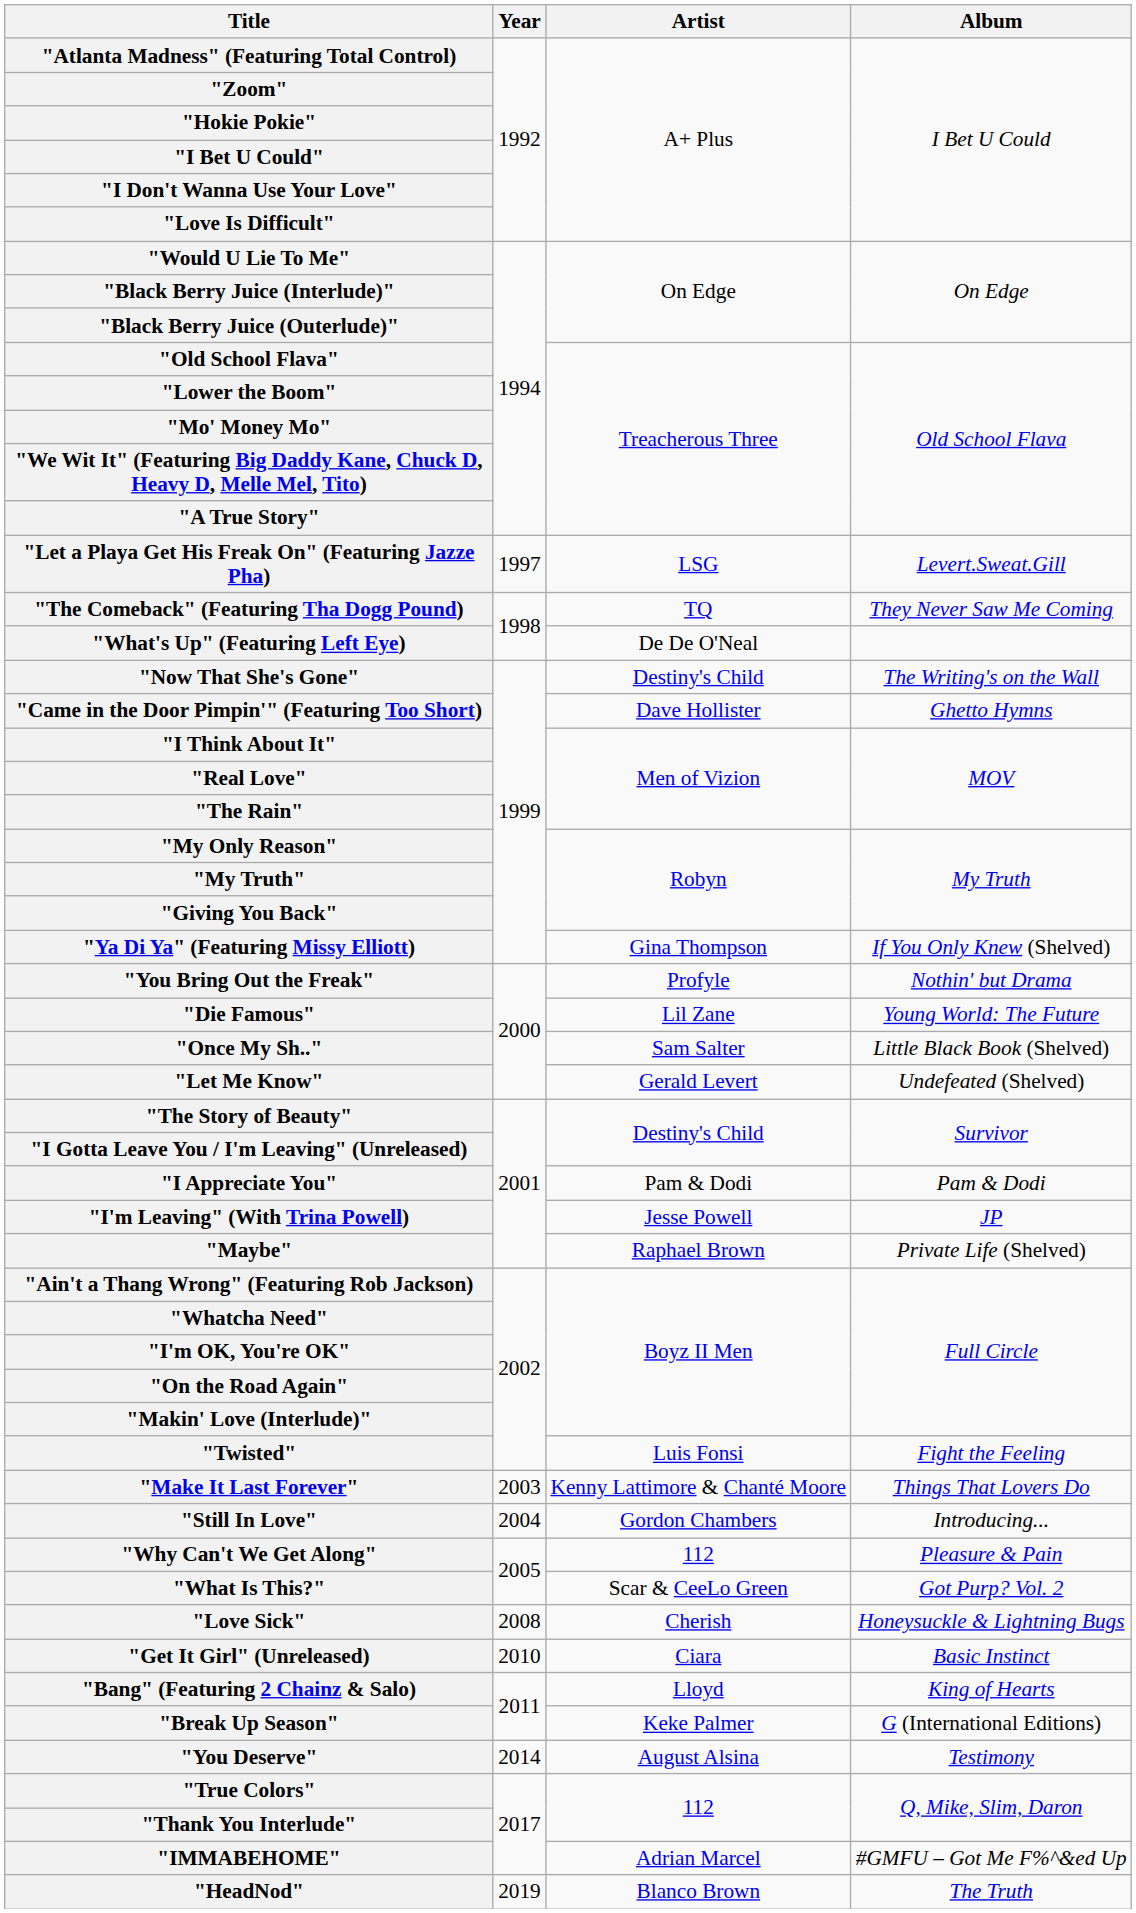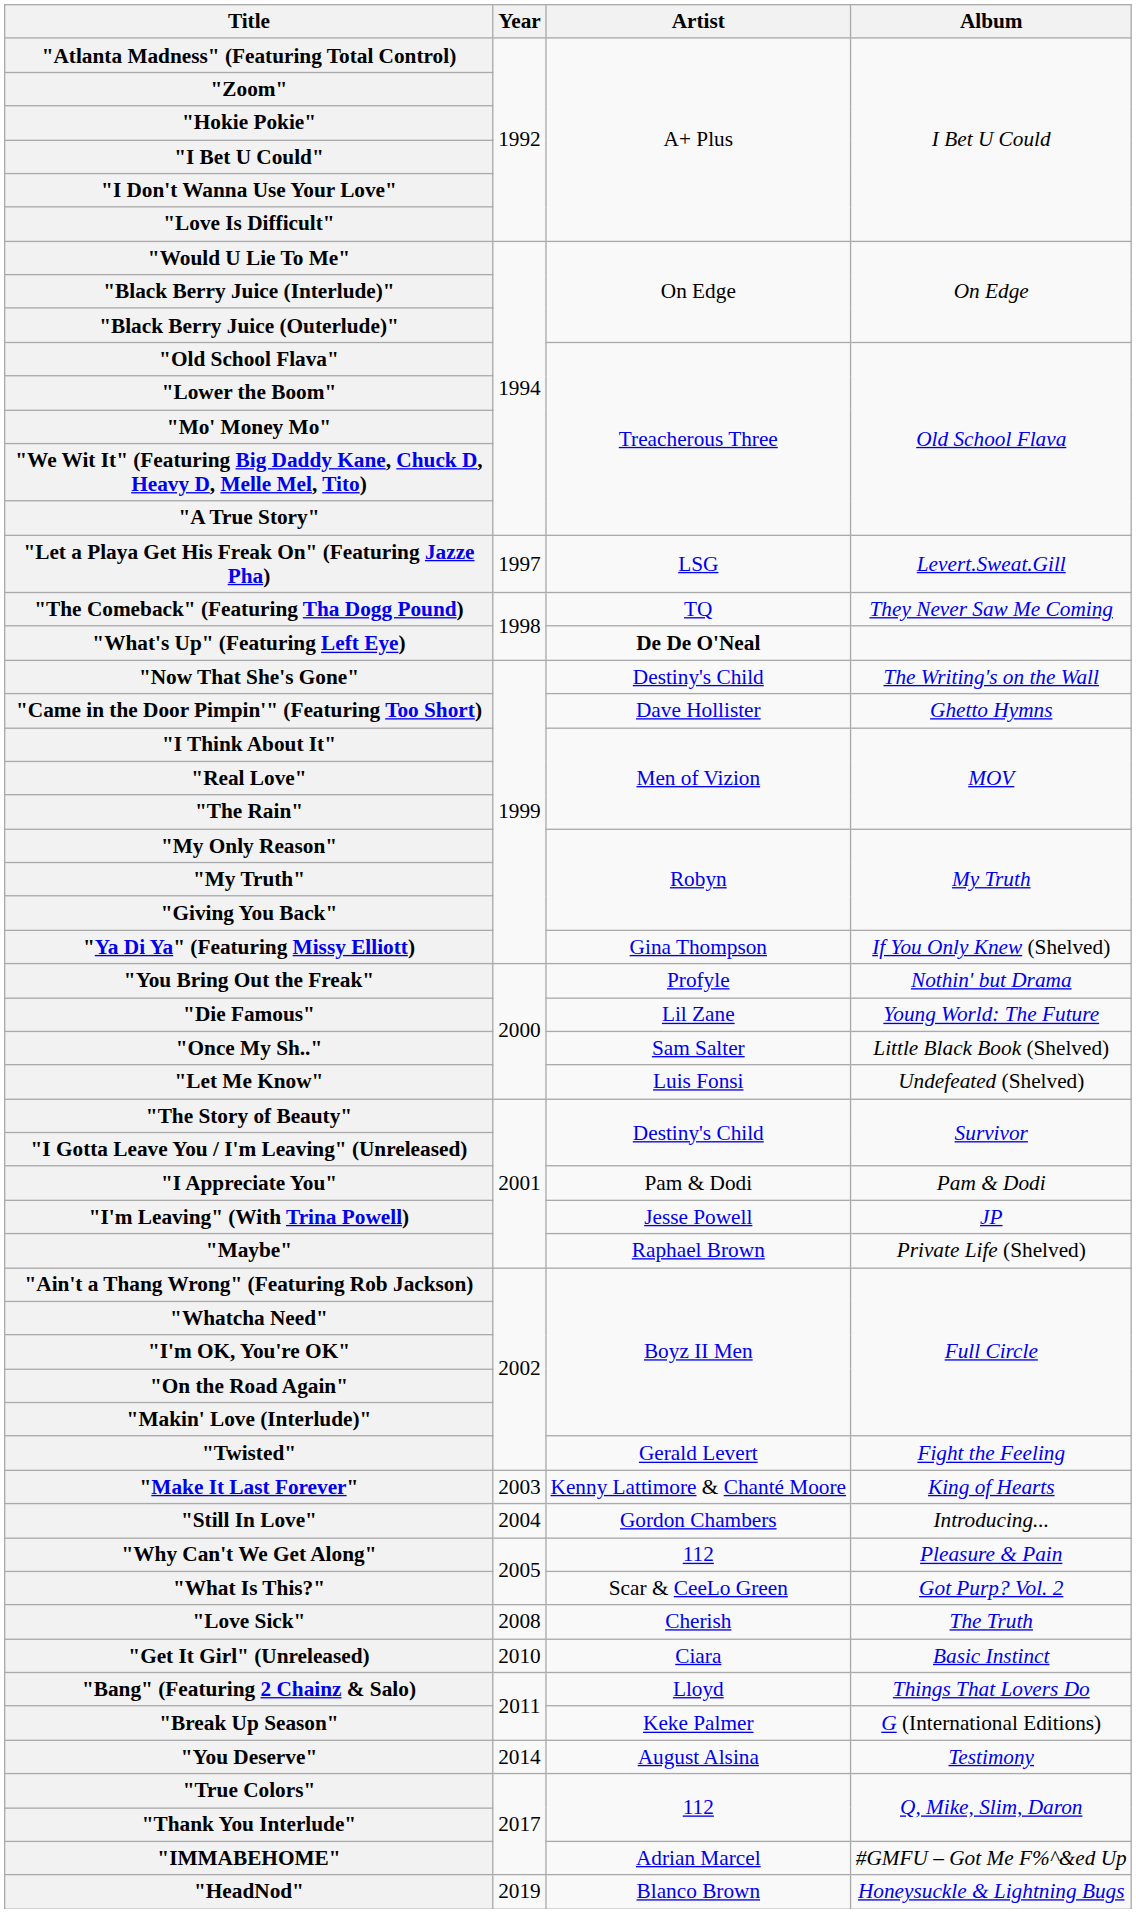 <table class="wikitable plainrowheaders" style="text-align:center;">
 <tr>
 <th scope="col" style="width:22.5em;">Title</th>
 <th scope="col">Year</th>
 <th scope="col">Artist</th>
 <th scope="col">Album</th>
 </tr>
 <tr>
 <th scope="row">"Atlanta Madness" (Featuring Total Control) </th>
 <td rowspan="6">1992</td>
 <td rowspan="6">A+ Plus</td>
 <td rowspan="6"><em>I Bet U Could</em></td>
 </tr>
 <tr>
 <th scope="row">"Zoom"</th>
 </tr>
 <tr>
 <th scope="row">"Hokie Pokie"</th>
 </tr>
 <tr>
 <th scope="row">"I Bet U Could"</th>
 </tr>
 <tr>
 <th scope="row">"I Don't Wanna Use Your Love"</th>
 </tr>
 <tr>
 <th scope="row">"Love Is Difficult"</th>
 </tr>
 <tr>
 <th scope="row">"Would U Lie To Me"</th>
 <td rowspan="8">1994</td>
 <td rowspan="3">On Edge</td>
 <td rowspan="3"><em>On Edge</em></td>
 </tr>
 <tr>
 <th scope="row">"Black Berry Juice (Interlude)"</th>
 </tr>
 <tr>
 <th scope="row">"Black Berry Juice (Outerlude)"</th>
 </tr>
 <tr>
 <th scope="row">"Old School Flava"</th>
 <td rowspan="5"><a href='#'>Treacherous Three</a></td>
 <td rowspan="5"><em><a href='#'>Old School Flava</a></em></td>
 </tr>
 <tr>
 <th scope="row">"Lower the Boom"</th>
 </tr>
 <tr>
 <th scope="row">"Mo' Money Mo"</th>
 </tr>
 <tr>
 <th scope="row">"We Wit It" (Featuring <a href='#'>Big Daddy Kane</a>, <a href='#'>Chuck D</a>, <a href='#'>Heavy D</a>, <a href='#'>Melle Mel</a>, <a href='#'>Tito</a>)</th>
 </tr>
 <tr>
 <th scope="row">"A True Story"</th>
 </tr>
 <tr>
 <th scope="row">"Let a Playa Get His Freak On" (Featuring <a href='#'>Jazze Pha</a>)</th>
 <td>1997</td>
 <td><a href='#'>LSG</a></td>
 <td><em><a href='#'>Levert.Sweat.Gill</a></em></td>
 </tr>
 <tr>
 <th scope="row">"The Comeback" (Featuring <a href='#'>Tha Dogg Pound</a>)</th>
 <td rowspan="2">1998</td>
 <td><a href='#'>TQ</a></td>
 <td><em><a href='#'>They Never Saw Me Coming</a></em></td>
 </tr>
 <tr>
 <th scope="row">"What's Up" (Featuring <a href='#'>Left Eye</a>)</th>
-<td>De De O'Neal</td>
+<td><strong>De De O'Neal</strong></td>
 <td></td>
 </tr>
 <tr>
 <th scope="row">"Now That She's Gone"</th>
 <td rowspan="9">1999</td>
 <td><a href='#'>Destiny's Child</a></td>
 <td><em><a href='#'>The Writing's on the Wall</a></em></td>
 </tr>
 <tr>
 <th scope="row">"Came in the Door Pimpin'" (Featuring <a href='#'>Too Short</a>)</th>
 <td><a href='#'>Dave Hollister</a></td>
 <td><em><a href='#'>Ghetto Hymns</a></em></td>
 </tr>
 <tr>
 <th scope="row">"I Think About It"</th>
 <td rowspan="3"><a href='#'>Men of Vizion</a></td>
 <td rowspan="3"><em><a href='#'>MOV</a></em></td>
 </tr>
 <tr>
 <th scope="row">"Real Love"</th>
 </tr>
 <tr>
 <th scope="row">"The Rain"</th>
 </tr>
 <tr>
 <th scope="row">"My Only Reason" </th>
 <td rowspan="3"><a href='#'>Robyn</a></td>
 <td rowspan="3"><em><a href='#'>My Truth</a></em></td>
 </tr>
 <tr>
 <th scope="row">"My Truth"</th>
 </tr>
 <tr>
 <th scope="row">"Giving You Back"</th>
 </tr>
 <tr>
 <th scope="row">"<a href='#'>Ya Di Ya</a>" (Featuring <a href='#'>Missy Elliott</a>)</th>
 <td><a href='#'>Gina Thompson</a></td>
 <td><em><a href='#'>If You Only Knew</a></em> (Shelved)</td>
 </tr>
 <tr>
 <th scope="row">"You Bring Out the Freak"</th>
 <td rowspan="4">2000</td>
 <td><a href='#'>Profyle</a></td>
 <td><em><a href='#'>Nothin' but Drama</a></em></td>
 </tr>
 <tr>
 <th scope="row">"Die Famous"</th>
 <td><a href='#'>Lil Zane</a></td>
 <td><em><a href='#'>Young World: The Future</a></em></td>
 </tr>
 <tr>
 <th scope="row">"Once My Sh.."</th>
 <td><a href='#'>Sam Salter</a></td>
 <td><em>Little Black Book</em> (Shelved)</td>
 </tr>
 <tr>
 <th scope="row">"Let Me Know"</th>
-<td><a href='#'>Gerald Levert</a></td>
+<td><a href='#'>Luis Fonsi</a></td>
 <td><em>Undefeated</em> (Shelved)</td>
 </tr>
 <tr>
 <th scope="row">"The Story of Beauty"</th>
 <td rowspan="5">2001</td>
 <td rowspan="2"><a href='#'>Destiny's Child</a></td>
 <td rowspan="2"><em><a href='#'>Survivor</a></em></td>
 </tr>
 <tr>
 <th scope="row">"I Gotta Leave You / I'm Leaving" (Unreleased) </th>
 </tr>
 <tr>
 <th scope="row">"I Appreciate You"</th>
 <td>Pam & Dodi</td>
 <td><em>Pam & Dodi</em></td>
 </tr>
 <tr>
 <th scope="row">"I'm Leaving" (With <a href='#'>Trina Powell</a>)</th>
 <td><a href='#'>Jesse Powell</a></td>
 <td><em><a href='#'>JP</a></em></td>
 </tr>
 <tr>
 <th scope="row">"Maybe"</th>
 <td><a href='#'>Raphael Brown</a></td>
 <td><em>Private Life</em> (Shelved)</td>
 </tr>
 <tr>
 <th scope="row">"Ain't a Thang Wrong" (Featuring Rob Jackson)</th>
 <td rowspan="6">2002</td>
 <td rowspan="5"><a href='#'>Boyz II Men</a></td>
 <td rowspan="5"><em><a href='#'>Full Circle</a></em></td>
 </tr>
 <tr>
 <th scope="row">"Whatcha Need"</th>
 </tr>
 <tr>
 <th scope="row">"I'm OK, You're OK"</th>
 </tr>
 <tr>
 <th scope="row">"On the Road Again"</th>
 </tr>
 <tr>
 <th scope="row">"Makin' Love (Interlude)"</th>
 </tr>
 <tr>
 <th scope="row">"Twisted"</th>
-<td><a href='#'>Luis Fonsi</a></td>
+<td><a href='#'>Gerald Levert</a></td>
 <td><em><a href='#'>Fight the Feeling</a></em></td>
 </tr>
 <tr>
 <th scope="row">"<a href='#'>Make It Last Forever</a>"</th>
 <td>2003</td>
 <td><a href='#'>Kenny Lattimore</a> & <a href='#'>Chanté Moore</a></td>
-<td><em><a href='#'>Things That Lovers Do</a></em></td>
+<td><em><a href='#'>King of Hearts</a></em></td>
 </tr>
 <tr>
 <th scope="row">"Still In Love"</th>
 <td>2004</td>
 <td><a href='#'>Gordon Chambers</a></td>
 <td><em>Introducing...</em></td>
 </tr>
 <tr>
 <th scope="row">"Why Can't We Get Along"</th>
 <td rowspan="2">2005</td>
 <td><a href='#'>112</a></td>
 <td><em><a href='#'>Pleasure & Pain</a></em></td>
 </tr>
 <tr>
 <th scope="row">"What Is This?"</th>
 <td>Scar & <a href='#'>CeeLo Green</a></td>
 <td><em><a href='#'>Got Purp? Vol. 2</a></em></td>
 </tr>
 <tr>
 <th scope="row">"Love Sick"</th>
 <td>2008</td>
 <td><a href='#'>Cherish</a></td>
-<td><em><a href='#'>Honeysuckle & Lightning Bugs</a></em></td>
+<td><em><a href='#'>The Truth</a></em></td>
 </tr>
 <tr>
 <th scope="row">"Get It Girl" (Unreleased)</th>
 <td>2010</td>
 <td><a href='#'>Ciara</a></td>
 <td><em><a href='#'>Basic Instinct</a></em></td>
 </tr>
 <tr>
 <th scope="row">"Bang" (Featuring <a href='#'>2 Chainz</a> & Salo)</th>
 <td rowspan="2">2011</td>
 <td><a href='#'>Lloyd</a></td>
-<td><em><a href='#'>King of Hearts</a></em></td>
+<td><em><a href='#'>Things That Lovers Do</a></em></td>
 </tr>
 <tr>
 <th scope="row">"Break Up Season"</th>
 <td><a href='#'>Keke Palmer</a></td>
 <td><em><a href='#'>G</a></em> (International Editions)</td>
 </tr>
 <tr>
 <th scope="row">"You Deserve"</th>
 <td>2014</td>
 <td><a href='#'>August Alsina</a></td>
 <td><em><a href='#'>Testimony</a></em></td>
 </tr>
 <tr>
 <th scope="row">"True Colors"</th>
 <td rowspan="3">2017</td>
 <td rowspan="2"><a href='#'>112</a></td>
 <td rowspan="2"><em><a href='#'>Q, Mike, Slim, Daron</a></em></td>
 </tr>
 <tr>
 <th scope="row">"Thank You Interlude"</th>
 </tr>
 <tr>
 <th scope="row">"IMMABEHOME"</th>
 <td><a href='#'>Adrian Marcel</a></td>
 <td><em>#GMFU – Got Me F%^&ed Up</em></td>
 </tr>
 <tr>
 <th scope="row">"HeadNod"</th>
 <td>2019</td>
 <td><a href='#'>Blanco Brown</a></td>
-<td><em><a href='#'>The Truth</a></em></td>
+<td><em><a href='#'>Honeysuckle & Lightning Bugs</a></em></td>
 </tr>
 </table>
